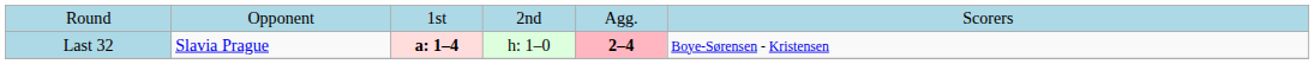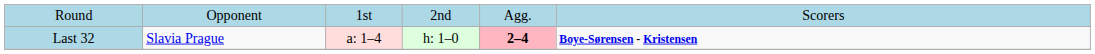 <table class="wikitable" style="text-align:center">
 <tr bgcolor=lightblue>
 <td width=150px>Round</td>
 <td width=200px>Opponent</td>
 <td width=80px>1st</td>
 <td width=80px>2nd</td>
 <td width=80px>Agg.</td>
 <td width=600px>Scorers</td>
 </tr>
 <tr>
 <td bgcolor=lightblue>Last 32</td>
 <td align=left> <a href='#'>Slavia Prague</a></td>
-<td bgcolor="#ffdddd"><strong>a: 1–4</strong></td>
+<td bgcolor="#ffdddd">a: 1–4</td>
 <td bgcolor="#ddffdd">h: 1–0</td>
 <td bgcolor=lightpink><strong>2–4</strong></td>
-<td align=left><small><a href='#'>Boye-Sørensen</a> - <a href='#'>Kristensen</a></small></td>
+<td align=left><strong><small><a href='#'>Boye-Sørensen</a> - <a href='#'>Kristensen</a></small></strong></td>
 </tr>
 <tr>
 </tr>
 </table>
